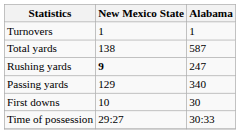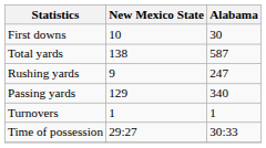 <table class="wikitable">
 <tr>
 <th>Statistics</th>
 <th>New Mexico State</th>
 <th>Alabama</th>
 </tr>
 <tr>
-<td>Turnovers</td>
-<td>1</td>
-<td>1</td>
+<td>First downs</td>
+<td>10</td>
+<td>30</td>
 </tr>
 <tr>
 <td>Total yards</td>
 <td>138</td>
 <td>587</td>
 </tr>
 <tr>
 <td>Rushing yards</td>
-<td><strong>9</strong></td>
+<td>9</td>
 <td>247</td>
 </tr>
 <tr>
 <td>Passing yards</td>
 <td>129</td>
 <td>340</td>
 </tr>
 <tr>
-<td>First downs</td>
-<td>10</td>
-<td>30</td>
+<td>Turnovers</td>
+<td>1</td>
+<td>1</td>
 </tr>
 <tr>
 <td>Time of possession</td>
 <td>29:27</td>
 <td>30:33</td>
 </tr>
 <tr>
 </tr>
 </table>
